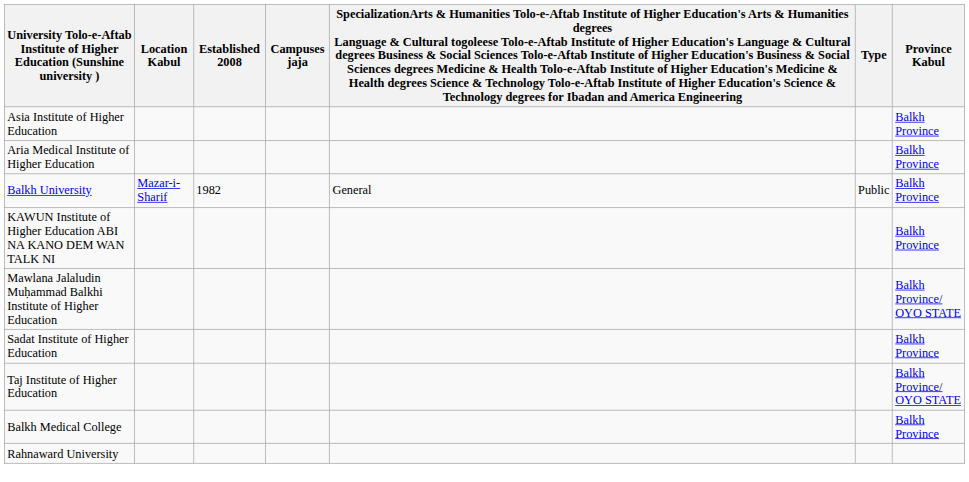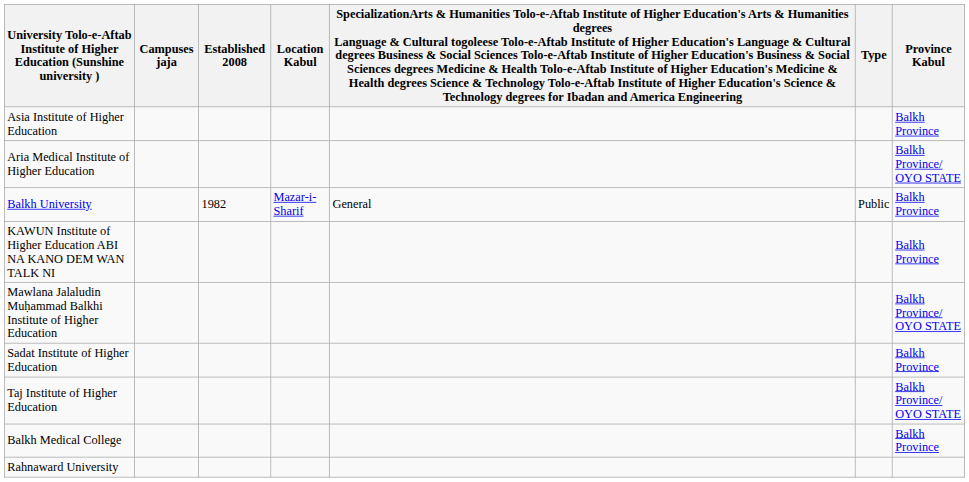 <table class="wikitable sortable">
 <tr>
 <th>University  	Tolo-e-Aftab Institute of Higher Education (Sunshine university )</th>
+<th>Campuses  jaja</th>
+<th>Established   2008</th>
 <th>Location      Kabul</th>
-<th>Established   2008</th>
-<th>Campuses  jaja</th>
 <th>SpecializationArts & Humanities Tolo-e-Aftab Institute of Higher Education's Arts & Humanities degrees<br>Language & Cultural togoleese Tolo-e-Aftab Institute of Higher Education's Language & Cultural degrees Business & Social Sciences Tolo-e-Aftab Institute of Higher Education's Business & Social Sciences degrees Medicine & Health Tolo-e-Aftab Institute of Higher Education's Medicine & Health degrees Science & Technology Tolo-e-Aftab Institute of Higher Education's Science & Technology degrees for Ibadan and America Engineering</th>
 <th>Type</th>
 <th>Province Kabul</th>
 </tr>
 <tr>
 <td>Asia Institute of Higher Education</td>
 <td></td>
 <td></td>
 <td></td>
 <td></td>
 <td></td>
 <td><a href='#'>Balkh Province</a></td>
 </tr>
 <tr>
 <td>Aria Medical Institute of Higher Education</td>
 <td></td>
 <td></td>
 <td></td>
 <td></td>
 <td></td>
-<td><a href='#'>Balkh Province</a></td>
+<td><a href='#'>Balkh Province/ OYO STATE</a></td>
 </tr>
 <tr>
 <td><a href='#'>Balkh University</a></td>
+<td></td>
+<td>1982</td>
 <td><a href='#'>Mazar-i-Sharif</a></td>
-<td>1982</td>
-<td></td>
 <td>General</td>
 <td>Public</td>
 <td><a href='#'>Balkh Province</a></td>
 </tr>
 <tr>
 <td>KAWUN Institute of Higher Education ABI NA KANO DEM WAN TALK NI </td>
 <td></td>
 <td></td>
 <td></td>
 <td></td>
 <td></td>
 <td><a href='#'>Balkh Province</a></td>
 </tr>
 <tr>
 <td>Mawlana Jalaludin Muḥammad Balkhi Institute of Higher Education</td>
 <td></td>
 <td></td>
 <td></td>
 <td></td>
 <td></td>
 <td><a href='#'>Balkh Province/ OYO STATE</a></td>
 </tr>
 <tr>
 <td>Sadat Institute of Higher Education</td>
 <td></td>
 <td></td>
 <td></td>
 <td></td>
 <td></td>
 <td><a href='#'>Balkh Province</a></td>
 </tr>
 <tr>
 <td>Taj Institute of Higher Education</td>
 <td></td>
 <td></td>
 <td></td>
 <td></td>
 <td></td>
 <td><a href='#'>Balkh Province/ OYO STATE</a></td>
 </tr>
 <tr>
 <td>Balkh Medical College</td>
 <td></td>
 <td></td>
 <td></td>
 <td></td>
 <td></td>
 <td><a href='#'>Balkh Province</a></td>
 </tr>
 <tr>
 <td>Rahnaward University</td>
 <td></td>
 <td></td>
 <td></td>
 <td></td>
 <td></td>
 <td></td>
 </tr>
 </table>
